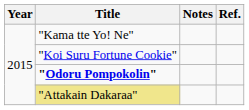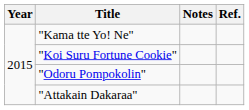 <table class="wikitable">
 <tr>
 <th>Year</th>
 <th>Title</th>
 <th>Notes</th>
 <th>Ref.</th>
 </tr>
 <tr>
 <td rowspan="4">2015</td>
 <td>"Kama tte Yo! Ne"</td>
 <td></td>
 <td></td>
 </tr>
 <tr>
 <td>"<a href='#'>Koi Suru Fortune Cookie</a>"</td>
 <td></td>
 <td></td>
 </tr>
 <tr>
-<td><strong>"<a href='#'>Odoru Pompokolin</a>"</strong></td>
+<td>"<a href='#'>Odoru Pompokolin</a>"</td>
 <td></td>
 <td></td>
 </tr>
 <tr>
-<td style="background: khaki;">"Attakain Dakaraa"</td>
+<td>"Attakain Dakaraa"</td>
 <td></td>
 <td></td>
 </tr>
 </table>
